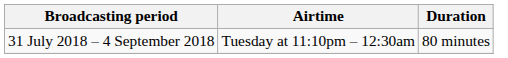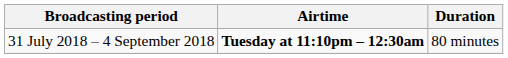 <table class="wikitable">
 <tr>
 <th>Broadcasting period</th>
 <th>Airtime</th>
 <th>Duration</th>
 </tr>
 <tr>
 <td>31 July 2018 – 4 September 2018</td>
-<td>Tuesday at 11:10pm – 12:30am</td>
+<td><strong>Tuesday at 11:10pm – 12:30am</strong></td>
 <td>80 minutes</td>
 </tr>
 <tr>
 </tr>
 </table>
